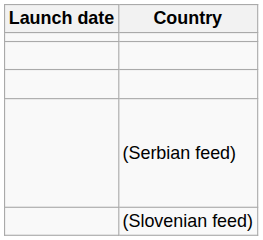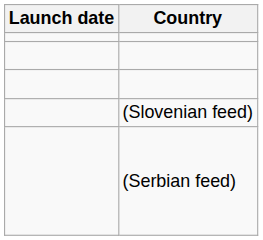 <table class="wikitable sortable plainrowheaders">
 <tr>
 <th scope="col">Launch date</th>
 <th scope="col">Country</th>
 </tr>
 <tr>
 <td></td>
 <td></td>
 </tr>
 <tr>
 <td></td>
 <td><br></td>
 </tr>
 <tr>
 <td></td>
 <td><br></td>
 </tr>
 <tr>
 <td></td>
-<td><br><br> (Serbian feed)<br><br><br></td>
+<td> (Slovenian feed)</td>
 </tr>
 <tr>
 <td></td>
-<td> (Slovenian feed)</td>
+<td><br><br> (Serbian feed)<br><br><br></td>
 </tr>
 </table>
